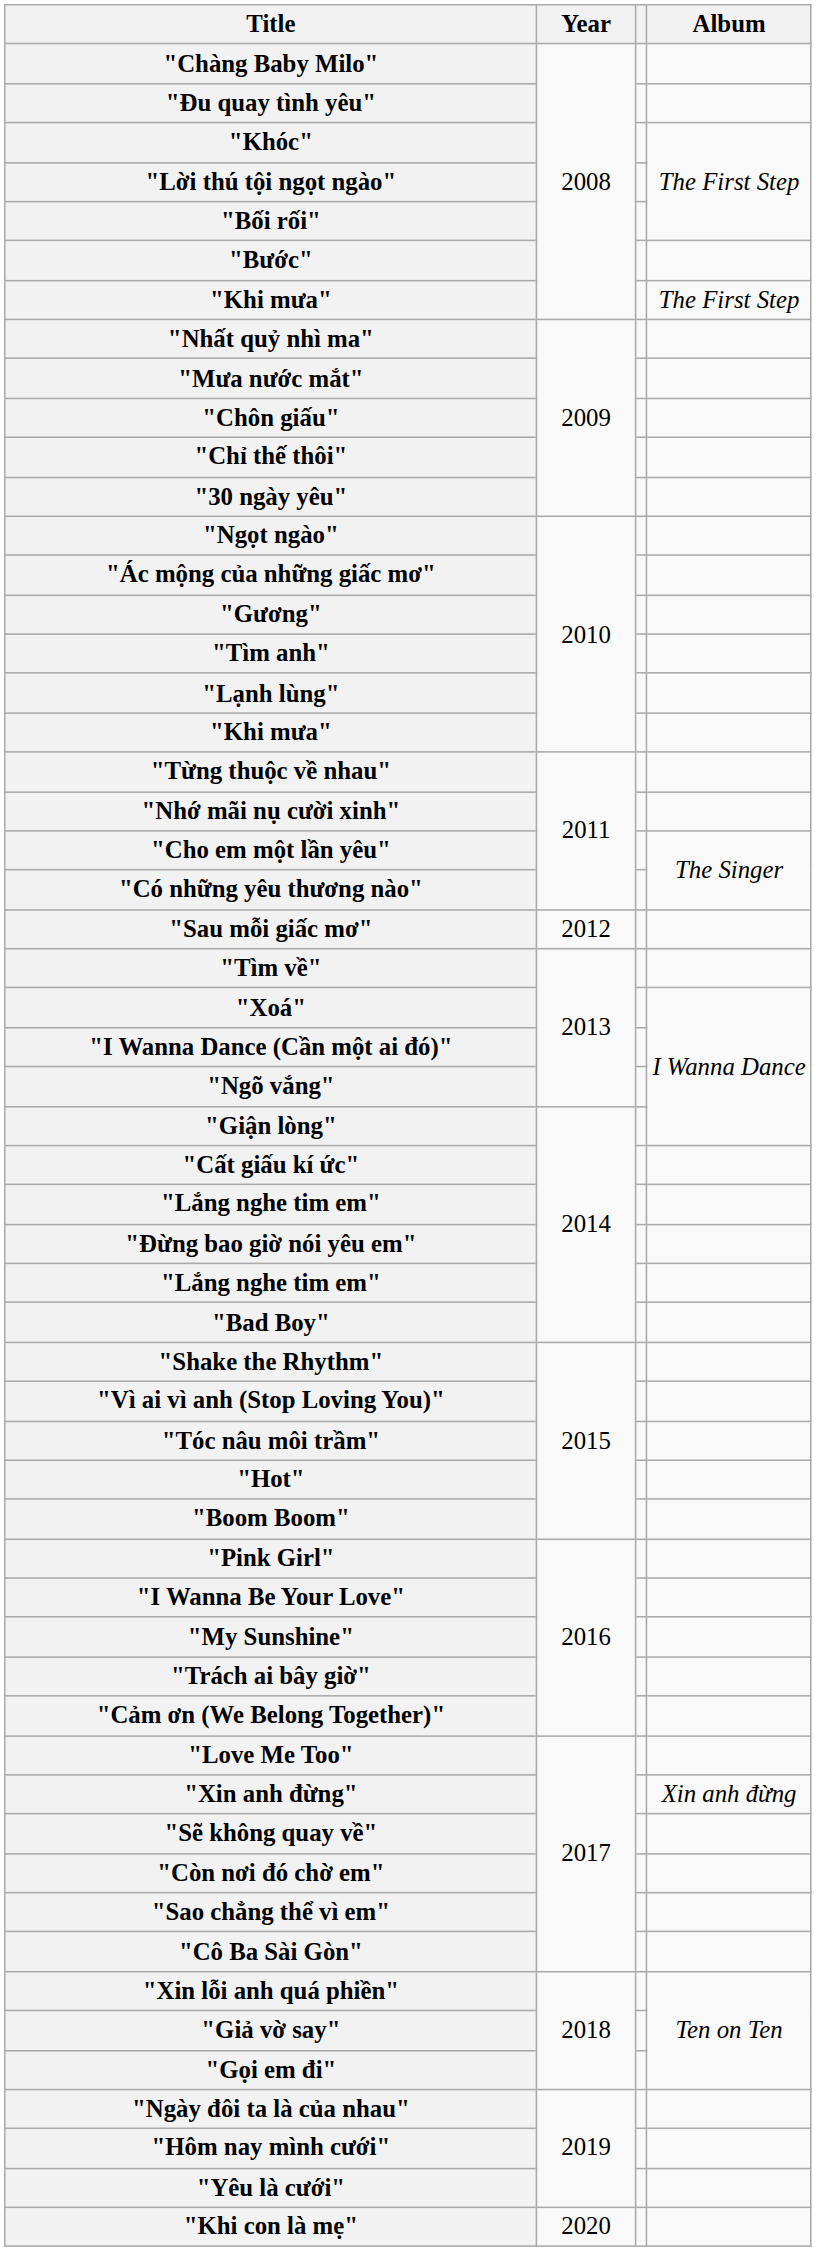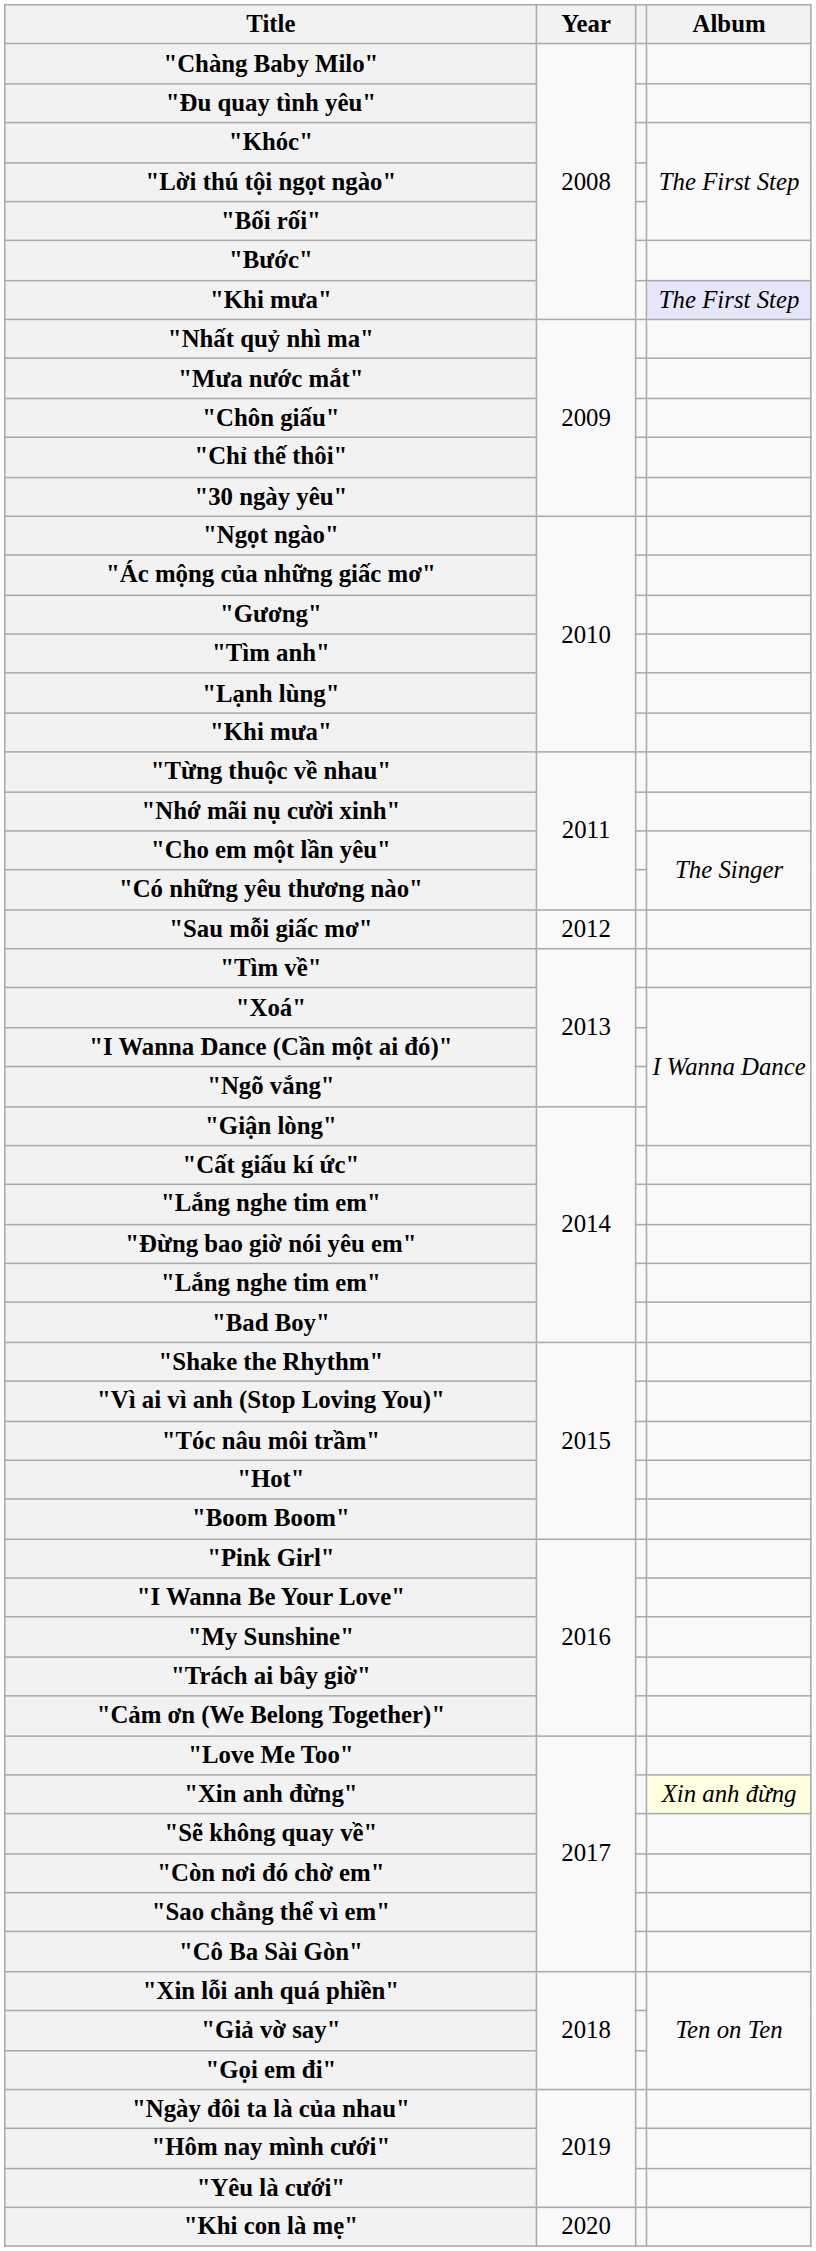 <table class="wikitable plainrowheaders" style="text-align:center;" border="1">
 <tr>
 <th scope="col" style="width:21em;">Title</th>
 <th scope="col" style="width:3.5em;">Year</th>
 <th scope="col" class="unsortable"></th>
 <th>Album</th>
 </tr>
 <tr>
 <th scope="row">"Chàng Baby Milo"</th>
 <td rowspan="7">2008</td>
 <td></td>
 <td></td>
 </tr>
 <tr>
 <th scope="row">"Đu quay tình yêu"</th>
 <td></td>
 <td></td>
 </tr>
 <tr>
 <th scope="row">"Khóc" </th>
 <td></td>
 <td rowspan="3"><em>The First Step</em></td>
 </tr>
 <tr>
 <th scope="row">"Lời thú tội ngọt ngào"</th>
 <td></td>
 </tr>
 <tr>
 <th scope="row">"Bối rối"</th>
 <td></td>
 </tr>
 <tr>
 <th scope="row">"Bước"</th>
 <td></td>
 <td></td>
 </tr>
 <tr>
 <th scope="row">"Khi mưa"</th>
 <td></td>
-<td><em>The First Step</em></td>
+<td style="background: lavender;"><em>The First Step</em></td>
 </tr>
 <tr>
 <th scope="row">"Nhất quỷ nhì ma"</th>
 <td rowspan="5">2009</td>
 <td></td>
 <td></td>
 </tr>
 <tr>
 <th scope="row">"Mưa nước mắt"</th>
 <td></td>
 <td></td>
 </tr>
 <tr>
 <th scope="row">"Chôn giấu"</th>
 <td></td>
 <td></td>
 </tr>
 <tr>
 <th scope="row">"Chỉ thế thôi"</th>
 <td></td>
 <td></td>
 </tr>
 <tr>
 <th scope="row">"30 ngày yêu"</th>
 <td></td>
 <td></td>
 </tr>
 <tr>
 <th scope="row">"Ngọt ngào"</th>
 <td rowspan="6">2010</td>
 <td></td>
 <td></td>
 </tr>
 <tr>
 <th scope="row">"Ác mộng của những giấc mơ"</th>
 <td></td>
 <td></td>
 </tr>
 <tr>
 <th scope="row">"Gương"</th>
 <td></td>
 <td></td>
 </tr>
 <tr>
 <th scope="row">"Tìm anh"</th>
 <td></td>
 <td></td>
 </tr>
 <tr>
 <th scope="row">"Lạnh lùng"</th>
 <td></td>
 <td></td>
 </tr>
 <tr>
 <th scope="row">"Khi mưa"</th>
 <td></td>
 <td></td>
 </tr>
 <tr>
 <th scope="row">"Từng thuộc về nhau"</th>
 <td rowspan="4">2011</td>
 <td></td>
 <td></td>
 </tr>
 <tr>
 <th scope="row">"Nhớ mãi nụ cười xinh"</th>
 <td></td>
 <td></td>
 </tr>
 <tr>
 <th scope="row">"Cho em một lần yêu"</th>
 <td></td>
 <td rowspan="2"><em>The Singer</em></td>
 </tr>
 <tr>
 <th scope="row">"Có những yêu thương nào"</th>
 <td></td>
 </tr>
 <tr>
 <th scope="row">"Sau mỗi giấc mơ"</th>
 <td>2012</td>
 <td></td>
 <td></td>
 </tr>
 <tr>
 <th scope="row">"Tìm về"</th>
 <td rowspan="4">2013</td>
 <td></td>
 <td></td>
 </tr>
 <tr>
 <th scope="row">"Xoá"</th>
 <td></td>
 <td rowspan="4"><em>I Wanna Dance</em></td>
 </tr>
 <tr>
 <th scope="row">"I Wanna Dance (Cần một ai đó)"</th>
 <td></td>
 </tr>
 <tr>
 <th scope="row">"Ngõ vắng"</th>
 <td></td>
 </tr>
 <tr>
 <th scope="row">"Giận lòng"</th>
 <td rowspan="6">2014</td>
 <td></td>
 </tr>
 <tr>
 <th scope="row">"Cất giấu kí ức"</th>
 <td></td>
 <td></td>
 </tr>
 <tr>
 <th scope="row">"Lắng nghe tim em"</th>
 <td></td>
 <td></td>
 </tr>
 <tr>
 <th scope="row">"Đừng bao giờ nói yêu em"</th>
 <td></td>
 <td></td>
 </tr>
 <tr>
 <th scope="row">"Lắng nghe tim em"</th>
 <td></td>
 <td></td>
 </tr>
 <tr>
 <th scope="row">"Bad Boy"</th>
 <td></td>
 <td></td>
 </tr>
 <tr>
 <th scope="row">"Shake the Rhythm"</th>
 <td rowspan="5">2015</td>
 <td></td>
 <td></td>
 </tr>
 <tr>
 <th scope="row">"Vì ai vì anh (Stop Loving You)"</th>
 <td></td>
 <td></td>
 </tr>
 <tr>
 <th scope="row">"Tóc nâu môi trầm"</th>
 <td></td>
 <td></td>
 </tr>
 <tr>
 <th scope="row">"Hot"</th>
 <td></td>
 <td></td>
 </tr>
 <tr>
 <th scope="row">"Boom Boom" </th>
 <td></td>
 <td></td>
 </tr>
 <tr>
 <th scope="row">"Pink Girl"</th>
 <td rowspan="5">2016</td>
 <td></td>
 <td></td>
 </tr>
 <tr>
 <th scope="row">"I Wanna Be Your Love"</th>
 <td></td>
 <td></td>
 </tr>
 <tr>
 <th scope="row">"My Sunshine"</th>
 <td></td>
 <td></td>
 </tr>
 <tr>
 <th scope="row">"Trách ai bây giờ"</th>
 <td></td>
 <td></td>
 </tr>
 <tr>
 <th scope="row">"Cảm ơn (We Belong Together)"</th>
 <td></td>
 <td></td>
 </tr>
 <tr>
 <th scope="row">"Love Me Too"</th>
 <td rowspan="6">2017</td>
 <td></td>
 <td></td>
 </tr>
 <tr>
 <th scope="row">"Xin anh đừng"</th>
 <td></td>
-<td><em>Xin anh đừng</em></td>
+<td style="background: lightyellow;"><em>Xin anh đừng</em></td>
 </tr>
 <tr>
 <th scope="row">"Sẽ không quay về" </th>
 <td></td>
 <td></td>
 </tr>
 <tr>
 <th scope="row">"Còn nơi đó chờ em"</th>
 <td></td>
 <td></td>
 </tr>
 <tr>
 <th scope="row">"Sao chẳng thể vì em"</th>
 <td></td>
 <td></td>
 </tr>
 <tr>
 <th scope="row">"Cô Ba Sài Gòn"</th>
 <td></td>
 <td></td>
 </tr>
 <tr>
 <th scope="row">"Xin lỗi anh quá phiền"</th>
 <td rowspan="3">2018</td>
 <td></td>
 <td rowspan="3"><em>Ten on Ten</em></td>
 </tr>
 <tr>
 <th scope="row">"Giả vờ say"</th>
 <td></td>
 </tr>
 <tr>
 <th scope="row">"Gọi em đi"</th>
 <td></td>
 </tr>
 <tr>
 <th scope="row">"Ngày đôi ta là của nhau" </th>
 <td rowspan="3">2019</td>
 <td></td>
 <td></td>
 </tr>
 <tr>
 <th scope="row">"Hôm nay mình cưới" </th>
 <td></td>
 <td></td>
 </tr>
 <tr>
 <th scope="row">"Yêu là cưới" </th>
 <td></td>
 <td></td>
 </tr>
 <tr>
 <th scope="row">"Khi con là mẹ"</th>
 <td>2020</td>
 <td></td>
 <td></td>
 </tr>
 </table>
